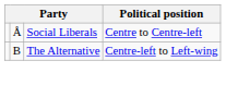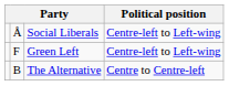 <table class="wikitable">
 <tr>
 <th colspan="3">Party</th>
 <th>Political position</th>
 </tr>
 <tr>
 <td></td>
 <td>Å</td>
 <td><a href='#'>Social Liberals</a></td>
-<td><a href='#'>Centre</a> to <a href='#'>Centre-left</a></td>
+<td><a href='#'>Centre-left</a> to <a href='#'>Left-wing</a></td>
+</tr>
+<tr>
+<td></td>
+<td>F</td>
+<td><a href='#'>Green Left</a></td>
+<td><a href='#'>Centre-left</a> to <a href='#'>Left-wing</a></td>
 </tr>
 <tr>
 <td></td>
 <td>B</td>
 <td><a href='#'>The Alternative</a></td>
-<td><a href='#'>Centre-left</a> to <a href='#'>Left-wing</a></td>
+<td><a href='#'>Centre</a> to <a href='#'>Centre-left</a></td>
 </tr>
 </table>
